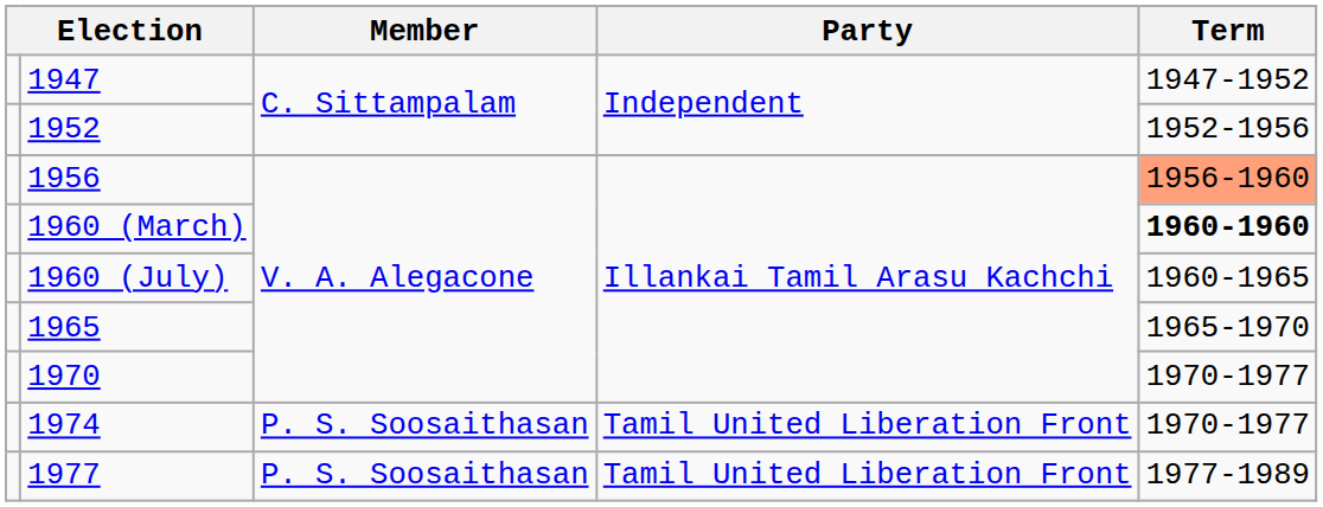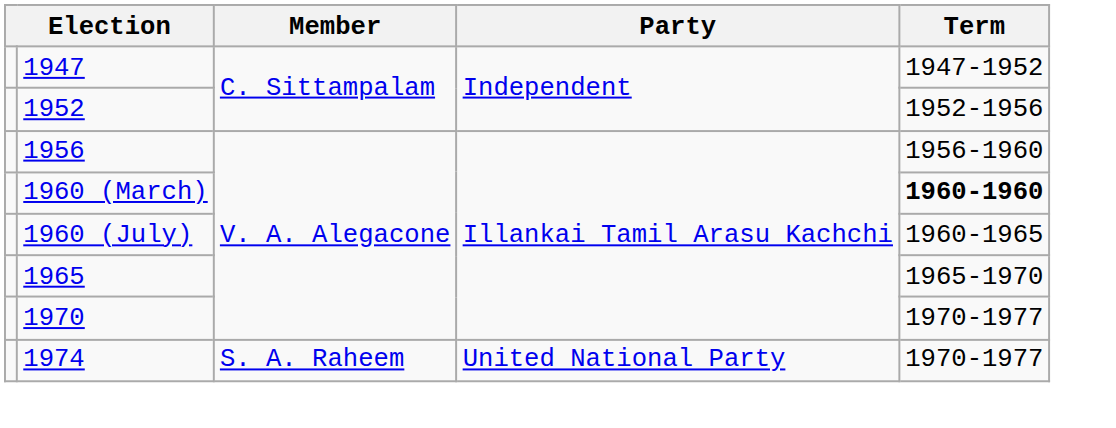 <table class="wikitable">
 <tr>
 <th colspan="2">Election</th>
 <th>Member</th>
 <th>Party</th>
 <th>Term</th>
 </tr>
 <tr>
 <td style="background-color: "></td>
 <td><a href='#'>1947</a></td>
 <td rowspan ="2"><a href='#'>C. Sittampalam</a></td>
 <td rowspan ="2"><a href='#'>Independent</a></td>
 <td>1947-1952</td>
 </tr>
 <tr>
 <td style="background-color: "></td>
 <td><a href='#'>1952</a></td>
 <td>1952-1956</td>
 </tr>
 <tr>
 <td style="background-color: "></td>
 <td><a href='#'>1956</a></td>
 <td rowspan ="5"><a href='#'>V. A. Alegacone</a></td>
 <td rowspan ="5"><a href='#'>Illankai Tamil Arasu Kachchi</a></td>
-<td style="background: lightsalmon;">1956-1960</td>
+<td>1956-1960</td>
 </tr>
 <tr>
 <td style="background-color: "></td>
 <td><a href='#'>1960 (March)</a></td>
 <td><strong>1960-1960</strong></td>
 </tr>
 <tr>
 <td style="background-color: "></td>
 <td><a href='#'>1960 (July)</a></td>
 <td>1960-1965</td>
 </tr>
 <tr>
 <td style="background-color: "></td>
 <td><a href='#'>1965</a></td>
 <td>1965-1970</td>
 </tr>
 <tr>
 <td style="background-color: "></td>
 <td><a href='#'>1970</a></td>
 <td>1970-1977</td>
 </tr>
 <tr>
 <td style="background-color: "></td>
 <td><a href='#'>1974</a></td>
-<td><a href='#'>P. S. Soosaithasan</a></td>
-<td><a href='#'>Tamil United Liberation Front</a></td>
+<td><a href='#'>S. A. Raheem</a></td>
+<td><a href='#'>United National Party</a></td>
 <td>1970-1977</td>
 </tr>
-<tr>
-<td style="background-color: "></td>
-<td><a href='#'>1977</a></td>
-<td><a href='#'>P. S. Soosaithasan</a></td>
-<td><a href='#'>Tamil United Liberation Front</a></td>
-<td>1977-1989</td>
-</tr>
 </table>
